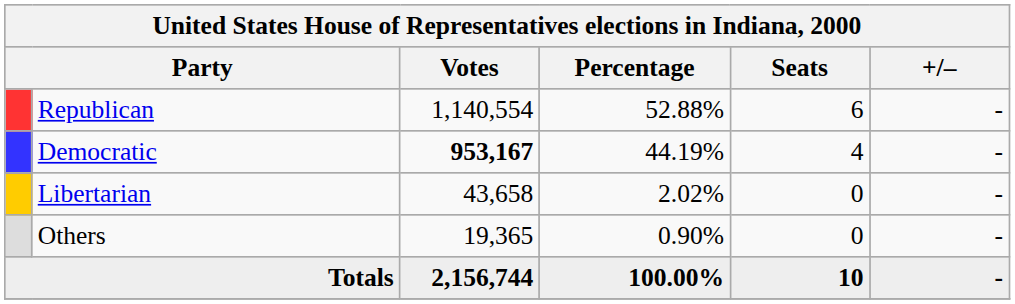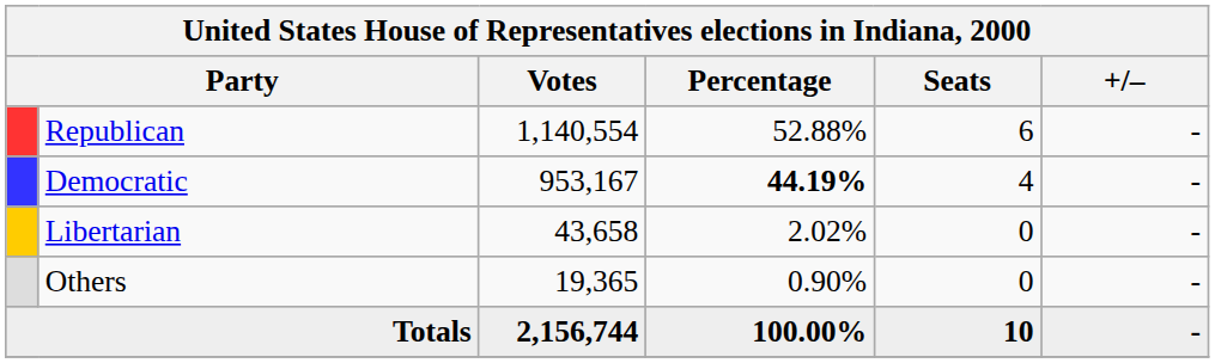 <table class="wikitable" style="font-size: 95%;">
 <tr>
 <th colspan="6">United States House of Representatives elections in Indiana, 2000</th>
 </tr>
 <tr>
 <th colspan=2 style="width: 15em">Party</th>
 <th style="width: 5em">Votes</th>
 <th style="width: 7em">Percentage</th>
 <th style="width: 5em">Seats</th>
 <th style="width: 5em">+/–</th>
 </tr>
 <tr>
 <th style="background-color:#FF3333; width: 3px"></th>
 <td style="width: 130px"><a href='#'>Republican</a></td>
 <td align="right">1,140,554</td>
 <td align="right">52.88%</td>
 <td align="right">6</td>
 <td align="right">-</td>
 </tr>
 <tr>
 <th style="background-color:#3333FF; width: 3px"></th>
 <td style="width: 130px"><a href='#'>Democratic</a></td>
-<td align="right"><strong>953,167</strong></td>
-<td align="right">44.19%</td>
+<td align="right">953,167</td>
+<td align="right"><strong>44.19%</strong></td>
 <td align="right">4</td>
 <td align="right">-</td>
 </tr>
 <tr>
 <th style="background-color:#FFCC00; width: 3px"></th>
 <td style="width: 130px"><a href='#'>Libertarian</a></td>
 <td align="right">43,658</td>
 <td align="right">2.02%</td>
 <td align="right">0</td>
 <td align="right">-</td>
 </tr>
 <tr>
 <th style="background-color:#DDDDDD; width: 3px"></th>
 <td style="width: 130px">Others</td>
 <td align="right">19,365</td>
 <td align="right">0.90%</td>
 <td align="right">0</td>
 <td align="right">-</td>
 </tr>
 <tr bgcolor="#EEEEEE">
 <td colspan="2" align="right"><strong>Totals</strong></td>
 <td align="right"><strong>2,156,744</strong></td>
 <td align="right"><strong>100.00%</strong></td>
 <td align="right"><strong>10</strong></td>
 <td align="right"><strong>-</strong></td>
 </tr>
 <tr bgcolor="#EEEEEE">
 </tr>
 </table>
